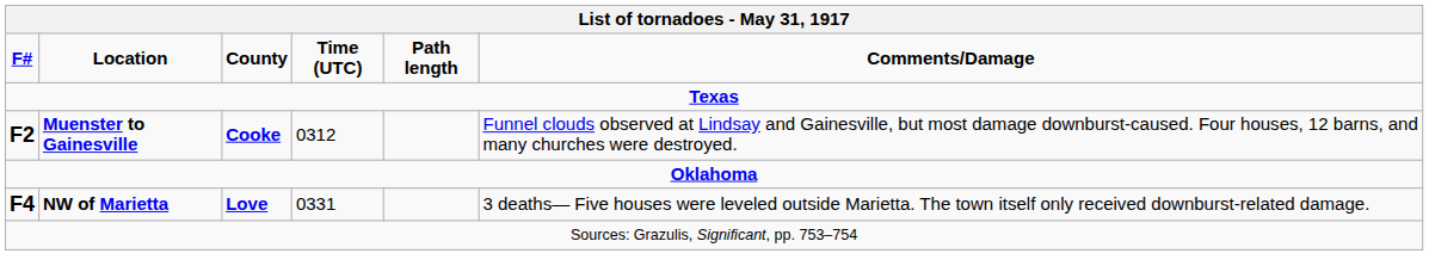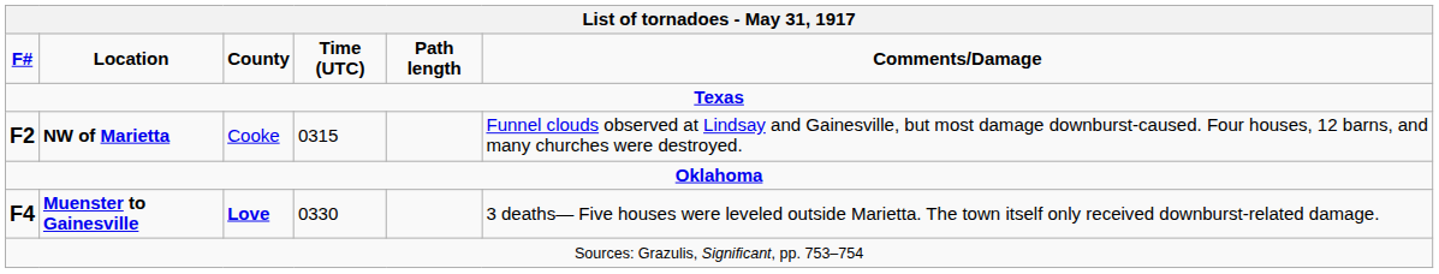 <table class="wikitable collapsible" style="width:100%;">
 <tr>
 <th colspan="6">List of tornadoes - May 31, 1917</th>
 </tr>
 <tr style="text-align:center;">
 <td><strong><a href='#'>F#</a></strong></td>
 <td><strong>Location</strong></td>
 <td><strong>County</strong></td>
 <td><strong>Time (UTC)</strong></td>
 <td><strong>Path length</strong></td>
 <td><strong>Comments/Damage</strong></td>
 </tr>
 <tr>
 <td colspan="7" style="text-align:center;"><strong><a href='#'>Texas</a></strong></td>
 </tr>
 <tr>
 <td><big><strong>F2</strong></big></td>
-<td><strong><a href='#'>Muenster</a> to <a href='#'>Gainesville</a></strong></td>
-<td><strong><a href='#'>Cooke</a></strong></td>
-<td>0312</td>
+<td><strong>NW of <a href='#'>Marietta</a></strong></td>
+<td><a href='#'>Cooke</a></td>
+<td>0315</td>
 <td></td>
 <td><a href='#'>Funnel clouds</a> observed at <a href='#'>Lindsay</a> and Gainesville, but most damage downburst-caused. Four houses, 12 barns, and many churches were destroyed.</td>
 </tr>
 <tr>
 <td colspan="7" style="text-align:center;"><strong><a href='#'>Oklahoma</a></strong></td>
 </tr>
 <tr>
 <td><big><strong>F4</strong></big></td>
-<td><strong>NW of <a href='#'>Marietta</a></strong></td>
+<td><strong><a href='#'>Muenster</a> to <a href='#'>Gainesville</a></strong></td>
 <td><strong><a href='#'>Love</a></strong></td>
-<td>0331</td>
+<td>0330</td>
 <td></td>
 <td>3 deaths— Five houses were leveled outside Marietta. The town itself only received downburst-related damage.</td>
 </tr>
 <tr>
 <td colspan="6" style="text-align:center;"><small>Sources: Grazulis, <em>Significant</em>, pp. 753–754</small></td>
 </tr>
 </table>
